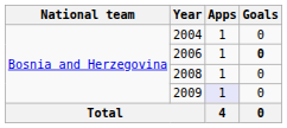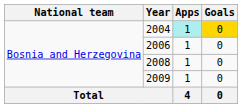 <table class="wikitable" style="text-align:center">
 <tr>
 <th>National team</th>
 <th>Year</th>
 <th>Apps</th>
 <th>Goals</th>
 </tr>
 <tr>
 <td rowspan="4"><a href='#'>Bosnia and Herzegovina</a></td>
 <td>2004</td>
-<td>1</td>
-<td>0</td>
+<td style="background: paleturquoise;">1</td>
+<td style="background: gold;">0</td>
 </tr>
 <tr>
 <td>2006</td>
 <td>1</td>
-<td><strong>0</strong></td>
+<td>0</td>
 </tr>
 <tr>
 <td>2008</td>
 <td>1</td>
 <td>0</td>
 </tr>
 <tr>
 <td>2009</td>
-<td style="background: lavender;">1</td>
+<td>1</td>
 <td>0</td>
 </tr>
 <tr>
 <th colspan="2">Total</th>
 <th>4</th>
 <th>0</th>
 </tr>
 </table>
